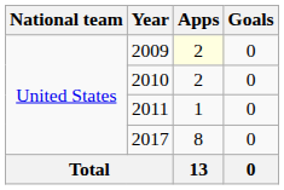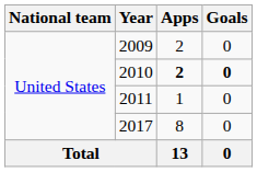 <table class="wikitable" style="text-align:center">
 <tr>
 <th>National team</th>
 <th>Year</th>
 <th>Apps</th>
 <th>Goals</th>
 </tr>
 <tr>
 <td rowspan="4"><a href='#'>United States</a></td>
 <td>2009</td>
-<td style="background: lightyellow;">2</td>
+<td>2</td>
 <td>0</td>
 </tr>
 <tr>
 <td>2010</td>
-<td>2</td>
-<td>0</td>
+<td><strong>2</strong></td>
+<td><strong>0</strong></td>
 </tr>
 <tr>
 <td>2011</td>
 <td>1</td>
 <td>0</td>
 </tr>
 <tr>
 <td>2017</td>
 <td>8</td>
 <td>0</td>
 </tr>
 <tr>
 <th colspan="2">Total</th>
 <th>13</th>
 <th>0</th>
 </tr>
 </table>
